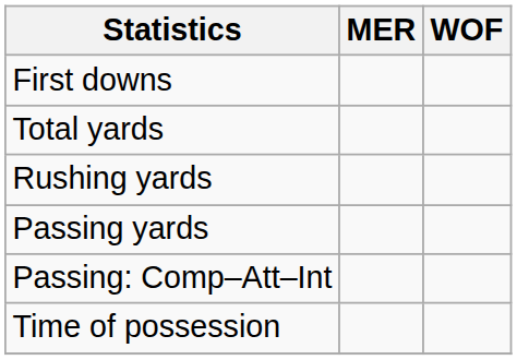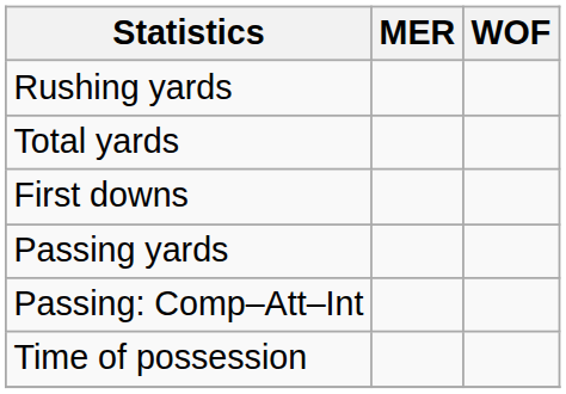 <table class="wikitable" style="float: left;">
 <tr>
 <th>Statistics</th>
 <th>MER</th>
 <th>WOF</th>
 </tr>
 <tr>
-<td>First downs</td>
+<td>Rushing yards</td>
 <td></td>
 <td></td>
 </tr>
 <tr>
 <td>Total yards</td>
 <td></td>
 <td></td>
 </tr>
 <tr>
-<td>Rushing yards</td>
+<td>First downs</td>
 <td></td>
 <td></td>
 </tr>
 <tr>
 <td>Passing yards</td>
 <td></td>
 <td></td>
 </tr>
 <tr>
 <td>Passing: Comp–Att–Int</td>
 <td></td>
 <td></td>
 </tr>
 <tr>
 <td>Time of possession</td>
 <td></td>
 <td></td>
 </tr>
 <tr>
 </tr>
 </table>
